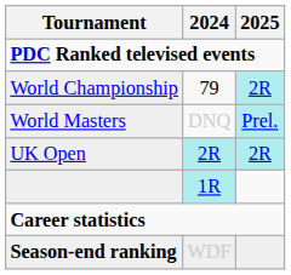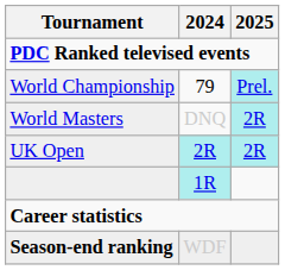 <table class=wikitable style=text-align:left;font-size:88%>
 <tr>
 <th>Tournament</th>
 <th>2024</th>
 <th>2025</th>
 </tr>
 <tr>
 <td colspan="28" align="left"><strong><a href='#'>PDC</a> Ranked televised events</strong></td>
 </tr>
 <tr>
 <td style="background:#efefef;"><a href='#'>World Championship</a></td>
 <td style="text-align:center;">79</td>
-<td style="text-align:center; background:#afeeee;"><a href='#'>2R</a></td>
+<td style="text-align:center; background:#afeeee;"><a href='#'>Prel.</a></td>
 </tr>
 <tr>
 <td style="background:#efefef;"><a href='#'>World Masters</a></td>
 <td style="text-align:center; color:#ccc;">DNQ</td>
-<td style="text-align:center; background:#afeeee;"><a href='#'>Prel.</a></td>
+<td style="text-align:center; background:#afeeee;"><a href='#'>2R</a></td>
 </tr>
 <tr>
 <td style="background:#efefef;"><a href='#'>UK Open</a></td>
 <td style="text-align:center; background:#afeeee;"><a href='#'>2R</a></td>
 <td style="text-align:center; background:#afeeee;"><a href='#'>2R</a></td>
 </tr>
 <tr>
 <td style="background:#efefef;"></td>
 <td style="text-align:center; background:#afeeee;"><a href='#'>1R</a></td>
 <td></td>
 </tr>
 <tr>
 <td colspan="28" align="left"><strong>Career statistics</strong></td>
 </tr>
 <tr bgcolor="efefef">
 <td align="left"><strong>Season-end ranking</strong></td>
 <td style="text-align:center; color:#ccc;">WDF</td>
 <td style="text-align:center;"></td>
 </tr>
 </table>
